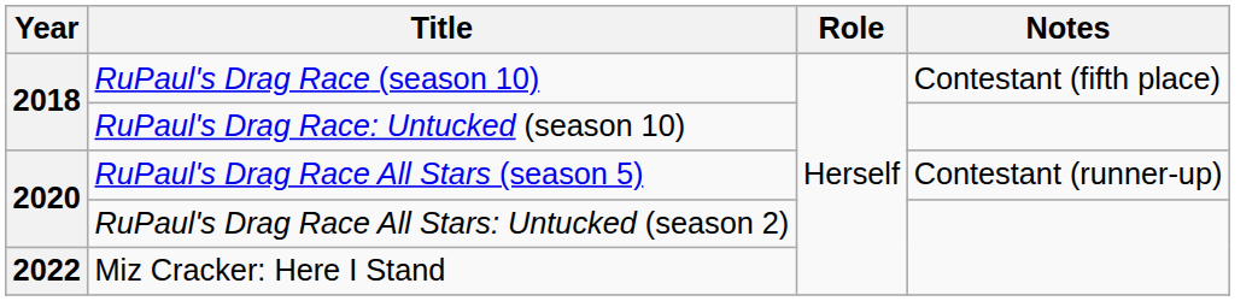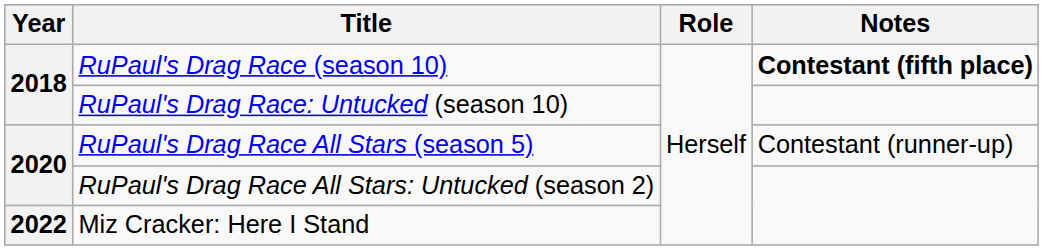 <table class="wikitable plainrowheaders sortable">
 <tr>
 <th scope="col">Year</th>
 <th scope="col">Title</th>
 <th scope="col">Role</th>
 <th scope="col" class="unsortable">Notes</th>
 </tr>
 <tr>
 <th scope="row" rowspan="2">2018</th>
 <td scope="row"><a href='#'><em>RuPaul's Drag Race</em> (season 10)</a></td>
 <td rowspan="5">Herself</td>
-<td>Contestant (fifth place)</td>
+<td><strong>Contestant (fifth place)</strong></td>
 </tr>
 <tr>
 <td><em><a href='#'>RuPaul's Drag Race: Untucked</a></em> (season 10)</td>
 <td></td>
 </tr>
 <tr>
 <th scope="row" rowspan="2">2020</th>
 <td scope="row"><a href='#'><em>RuPaul's Drag Race All Stars</em> (season 5)</a></td>
 <td>Contestant (runner-up)</td>
 </tr>
 <tr>
 <td scope="row"><em>RuPaul's Drag Race All Stars: Untucked</em> (season 2)</td>
 </tr>
 <tr>
 <th scope="row">2022</th>
 <td>Miz Cracker: Here I Stand</td>
 </tr>
 </table>
